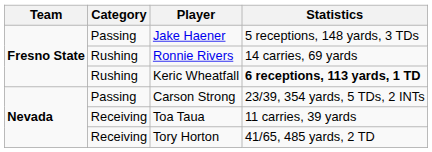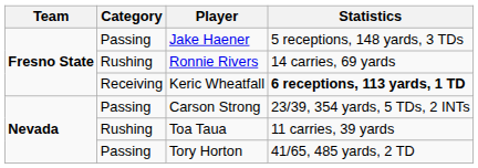 <table class="wikitable" style="float: left;">
 <tr>
 <th>Team</th>
 <th>Category</th>
 <th>Player</th>
 <th>Statistics</th>
 </tr>
 <tr>
 <td rowspan=3><strong>Fresno State</strong></td>
 <td>Passing</td>
 <td><a href='#'>Jake Haener</a></td>
 <td>5 receptions, 148 yards, 3 TDs</td>
 </tr>
 <tr>
 <td>Rushing</td>
 <td><a href='#'>Ronnie Rivers</a></td>
 <td>14 carries, 69 yards</td>
 </tr>
 <tr>
-<td>Rushing</td>
+<td>Receiving</td>
 <td>Keric Wheatfall</td>
 <td><strong>6 receptions, 113 yards, 1 TD</strong></td>
 </tr>
 <tr>
 <td rowspan=3><strong>Nevada</strong></td>
 <td>Passing</td>
 <td>Carson Strong</td>
 <td>23/39, 354 yards, 5 TDs, 2 INTs</td>
 </tr>
 <tr>
-<td>Receiving</td>
+<td>Rushing</td>
 <td>Toa Taua</td>
 <td>11 carries, 39 yards</td>
 </tr>
 <tr>
-<td>Receiving</td>
+<td>Passing</td>
 <td>Tory Horton</td>
 <td>41/65, 485 yards, 2 TD</td>
 </tr>
 </table>
